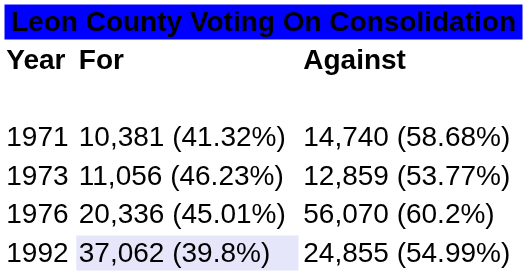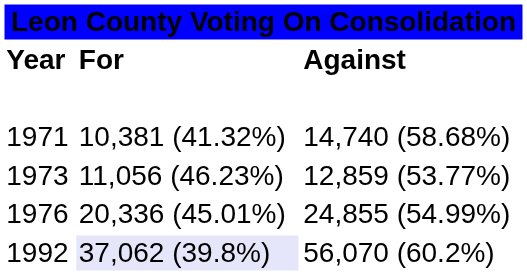 <table class="toccolours"  style="left:left; margin-left:1em; width:300px;">
 <tr>
 <th colspan="8" style="text-align: center; background:blue"><span><strong>Leon County Voting On Consolidation</strong> </span></th>
 </tr>
 <tr>
 <td><strong>Year</strong></td>
 <td><strong>For</strong></td>
 <td><strong>Against</strong></td>
 </tr>
 <tr>
 <td colspan="3"><br></td>
 </tr>
 <tr>
 <td>1971</td>
 <td>10,381  (41.32%)</td>
 <td>14,740  (58.68%)</td>
 </tr>
 <tr>
 <td>1973</td>
 <td>11,056  (46.23%)</td>
 <td>12,859  (53.77%)</td>
 </tr>
 <tr>
 <td>1976</td>
 <td>20,336  (45.01%)</td>
-<td>56,070  (60.2%)</td>
+<td>24,855  (54.99%)</td>
 </tr>
 <tr>
 <td>1992</td>
 <td style="background: lavender;">37,062  (39.8%)</td>
-<td>24,855  (54.99%)</td>
+<td>56,070  (60.2%)</td>
 </tr>
 </table>
